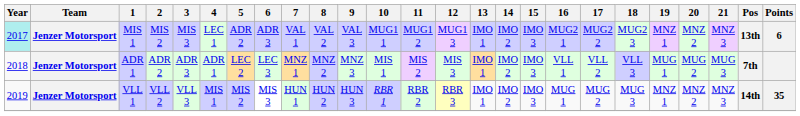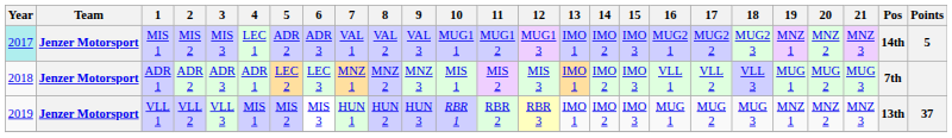 <table class="wikitable" style="text-align:center; font-size:85%">
 <tr>
 <th>Year</th>
 <th>Team</th>
 <th>1</th>
 <th>2</th>
 <th>3</th>
 <th>4</th>
 <th>5</th>
 <th>6</th>
 <th>7</th>
 <th>8</th>
 <th>9</th>
 <th>10</th>
 <th>11</th>
 <th>12</th>
 <th>13</th>
 <th>14</th>
 <th>15</th>
 <th>16</th>
 <th>17</th>
 <th>18</th>
 <th>19</th>
 <th>20</th>
 <th>21</th>
 <th>Pos</th>
 <th>Points</th>
 </tr>
 <tr>
 <td style="background: paleturquoise;"><a href='#'>2017</a></td>
 <th nowrap><a href='#'>Jenzer Motorsport</a></th>
 <td style="background:#cfcfff"><a href='#'>MIS<br>1</a><br></td>
 <td style="background:#cfcfff"><a href='#'>MIS<br>2</a><br></td>
 <td style="background:#cfcfff"><a href='#'>MIS<br>3</a><br></td>
 <td style="background:#dfffdf"><a href='#'>LEC<br>1</a><br></td>
 <td style="background:#cfcfff"><a href='#'>ADR<br>2</a><br></td>
 <td style="background:#cfcfff"><a href='#'>ADR<br>3</a><br></td>
 <td style="background:#cfcfff"><a href='#'>VAL<br>1</a><br></td>
 <td style="background:#cfcfff"><a href='#'>VAL<br>2</a><br></td>
 <td style="background:#cfcfff"><a href='#'>VAL<br>3</a><br></td>
 <td style="background:#cfcfff"><a href='#'>MUG1<br>1</a><br></td>
 <td style="background:#cfcfff"><a href='#'>MUG1<br>2</a><br></td>
 <td style="background:#efcfff"><a href='#'>MUG1<br>3</a><br></td>
 <td style="background:#cfcfff"><a href='#'>IMO<br>1</a><br></td>
 <td style="background:#cfcfff"><a href='#'>IMO<br>2</a><br></td>
 <td style="background:#cfcfff"><a href='#'>IMO<br>3</a><br></td>
 <td style="background:#cfcfff"><a href='#'>MUG2<br>1</a><br></td>
 <td style="background:#cfcfff"><a href='#'>MUG2<br>2</a><br></td>
 <td style="background:#dfffdf"><a href='#'>MUG2<br>3</a><br></td>
 <td style="background:#efcfff"><a href='#'>MNZ<br>1</a><br></td>
 <td style="background:#dfffdf"><a href='#'>MNZ<br>2</a><br></td>
 <td style="background:#efcfff"><a href='#'>MNZ<br>3</a><br></td>
-<th>13th</th>
-<th>6</th>
+<th>14th</th>
+<th>5</th>
 </tr>
 <tr>
 <td><a href='#'>2018</a></td>
 <th nowrap><a href='#'>Jenzer Motorsport</a></th>
 <td style="background:#cfcfff"><a href='#'>ADR<br>1</a><br></td>
 <td style="background:#dfffdf"><a href='#'>ADR<br>2</a><br></td>
 <td style="background:#dfffdf"><a href='#'>ADR<br>3</a><br></td>
 <td style="background:#dfffdf"><a href='#'>ADR<br>1</a><br></td>
 <td style="background:#ffdf9f"><a href='#'>LEC<br>2</a><br></td>
 <td style="background:#dfffdf"><a href='#'>LEC<br>3</a><br></td>
 <td style="background:#ffdf9f"><a href='#'>MNZ<br>1</a><br></td>
 <td style="background:#cfcfff"><a href='#'>MNZ<br>2</a><br></td>
 <td style="background:#dfffdf"><a href='#'>MNZ<br>3</a><br></td>
 <td style="background:#dfffdf"><a href='#'>MIS<br>1</a><br></td>
 <td style="background:#efcfff"><a href='#'>MIS<br>2</a><br></td>
 <td style="background:#dfffdf"><a href='#'>MIS<br>3</a><br></td>
 <td style="background:#ffdf9f"><a href='#'>IMO<br>1</a><br></td>
 <td style="background:#dfffdf"><a href='#'>IMO<br>2</a><br></td>
 <td style="background:#dfffdf"><a href='#'>IMO<br>3</a><br></td>
 <td style="background:#dfffdf"><a href='#'>VLL<br>1</a><br></td>
 <td style="background:#dfffdf"><a href='#'>VLL<br>2</a><br></td>
 <td style="background:#cfcfff"><a href='#'>VLL<br>3</a><br></td>
 <td style="background:#dfffdf"><a href='#'>MUG<br>1</a><br></td>
 <td style="background:#dfffdf"><a href='#'>MUG<br>2</a><br></td>
 <td style="background:#dfffdf"><a href='#'>MUG<br>3</a><br></td>
 <th>7th</th>
 <th></th>
 </tr>
 <tr>
 <td><a href='#'>2019</a></td>
 <th nowrap><a href='#'>Jenzer Motorsport</a></th>
 <td style="background:#cfcfff"><a href='#'>VLL<br>1</a><br></td>
 <td style="background:#cfcfff"><a href='#'>VLL<br>2</a><br></td>
 <td style="background:#dfffdf"><a href='#'>VLL<br>3</a><br></td>
 <td style="background:#cfcfff"><a href='#'>MIS<br>1</a><br></td>
 <td style="background:#cfcfff"><a href='#'>MIS<br>2</a><br></td>
 <td style="background:#ffffff"><a href='#'>MIS<br>3</a><br></td>
 <td style="background:#dfffdf"><a href='#'>HUN<br>1</a><br></td>
 <td style="background:#cfcfff"><a href='#'>HUN<br>2</a><br></td>
 <td style="background:#cfcfff"><a href='#'>HUN<br>3</a><br></td>
 <td style="background:#cfcfff"><em><a href='#'>RBR<br>1</a></em><br></td>
 <td style="background:#dfffdf"><a href='#'>RBR<br>2</a><br></td>
 <td style="background:#ffffbf"><a href='#'>RBR<br>3</a><br></td>
 <td><a href='#'>IMO<br>1</a></td>
 <td><a href='#'>IMO<br>2</a></td>
 <td><a href='#'>IMO<br>3</a></td>
 <td><a href='#'>MUG<br>1</a></td>
 <td><a href='#'>MUG<br>2</a></td>
 <td><a href='#'>MUG<br>3</a></td>
 <td><a href='#'>MNZ<br>1</a></td>
 <td><a href='#'>MNZ<br>2</a></td>
 <td><a href='#'>MNZ<br>3</a></td>
-<th>14th</th>
-<th>35</th>
+<th>13th</th>
+<th>37</th>
 </tr>
 <tr>
 </tr>
 </table>
